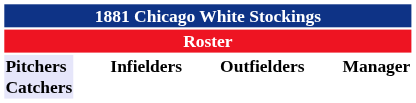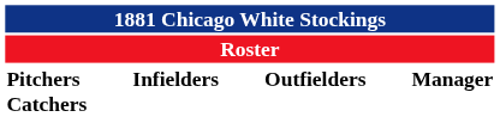 <table class="toccolours" style="font-size: 95%;">
 <tr>
 <th colspan="10" style="background-color: #0e3386; color: white; text-align: center;">1881 Chicago White Stockings</th>
 </tr>
 <tr>
 <td colspan="10" style="background-color: #EE1422; color: white; text-align: center;"><strong>Roster</strong></td>
 </tr>
 <tr>
-<td valign="top" style="background: lavender;"><strong>Pitchers</strong><br>  <strong>Catchers</strong> </td>
+<td valign="top"><strong>Pitchers</strong><br>  <strong>Catchers</strong> </td>
 <td width="25px"></td>
 <td valign="top"><strong>Infielders</strong><br>    </td>
 <td width="25px"></td>
 <td valign="top"><strong>Outfielders</strong><br>   </td>
 <td width="25px"></td>
 <td valign="top"><strong>Manager</strong><br></td>
 </tr>
 <tr>
 </tr>
 </table>
